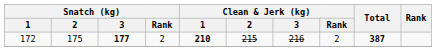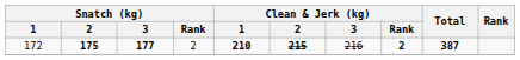 <table class="wikitable" style="text-align:center;">
 <tr>
 <th colspan=4>Snatch (kg)</th>
 <th colspan=4>Clean & Jerk (kg)</th>
 <th rowspan=2 width=65>Total</th>
 <th rowspan=2 width=40>Rank</th>
 </tr>
 <tr>
 <th width=65>1</th>
 <th width=65>2</th>
 <th width=65>3</th>
 <th width=45>Rank</th>
 <th width=65>1</th>
 <th width=65>2</th>
 <th width=65>3</th>
 <th width=45>Rank</th>
 </tr>
 <tr>
 <td>172</td>
-<td>175</td>
+<td><strong>175</strong></td>
 <td><strong>177</strong></td>
 <td>2</td>
 <td><strong>210</strong></td>
-<td><s>215</s></td>
+<td><strong><s>215</s></strong></td>
 <td><s>216</s></td>
-<td>2</td>
+<td><strong>2</strong></td>
 <td><strong>387</strong></td>
 <td></td>
 </tr>
 <tr>
 </tr>
 </table>
